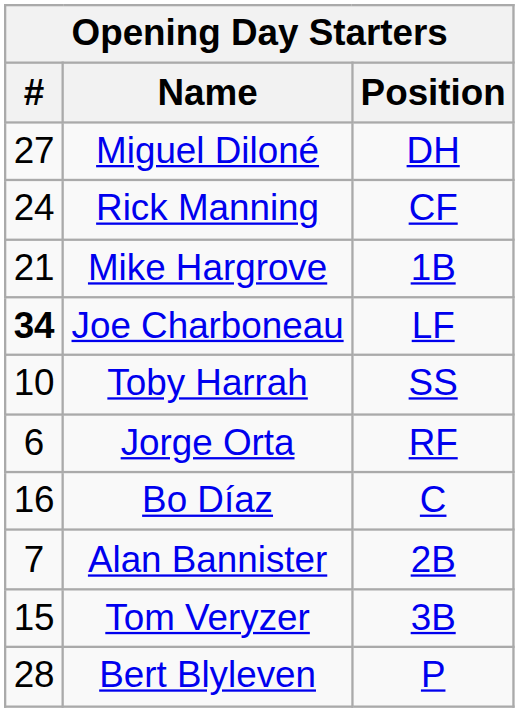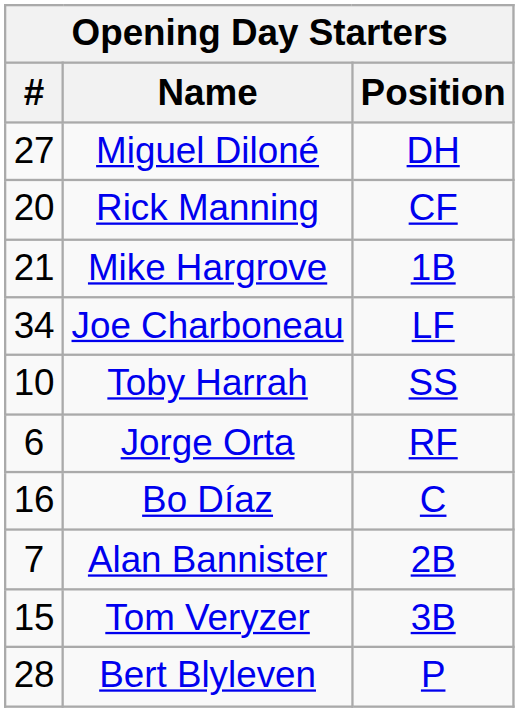 <table class="wikitable" style="text-align:center">
 <tr>
 <th colspan="3">Opening Day Starters</th>
 </tr>
 <tr>
 <th>#</th>
 <th>Name</th>
 <th>Position</th>
 </tr>
 <tr>
 <td>27</td>
 <td><a href='#'>Miguel Diloné</a></td>
 <td><a href='#'>DH</a></td>
 </tr>
 <tr>
-<td>24</td>
+<td>20</td>
 <td><a href='#'>Rick Manning</a></td>
 <td><a href='#'>CF</a></td>
 </tr>
 <tr>
 <td>21</td>
 <td><a href='#'>Mike Hargrove</a></td>
 <td><a href='#'>1B</a></td>
 </tr>
 <tr>
-<td><strong>34</strong></td>
+<td>34</td>
 <td><a href='#'>Joe Charboneau</a></td>
 <td><a href='#'>LF</a></td>
 </tr>
 <tr>
 <td>10</td>
 <td><a href='#'>Toby Harrah</a></td>
 <td><a href='#'>SS</a></td>
 </tr>
 <tr>
 <td>6</td>
 <td><a href='#'>Jorge Orta</a></td>
 <td><a href='#'>RF</a></td>
 </tr>
 <tr>
 <td>16</td>
 <td><a href='#'>Bo Díaz</a></td>
 <td><a href='#'>C</a></td>
 </tr>
 <tr>
 <td>7</td>
 <td><a href='#'>Alan Bannister</a></td>
 <td><a href='#'>2B</a></td>
 </tr>
 <tr>
 <td>15</td>
 <td><a href='#'>Tom Veryzer</a></td>
 <td><a href='#'>3B</a></td>
 </tr>
 <tr>
 <td>28</td>
 <td><a href='#'>Bert Blyleven</a></td>
 <td><a href='#'>P</a></td>
 </tr>
 </table>
